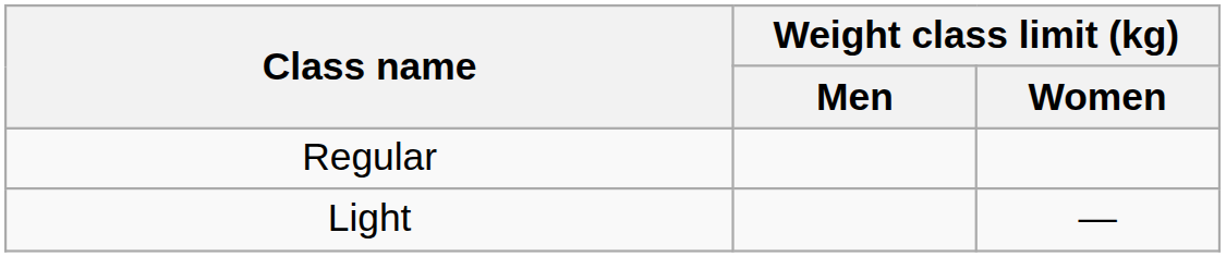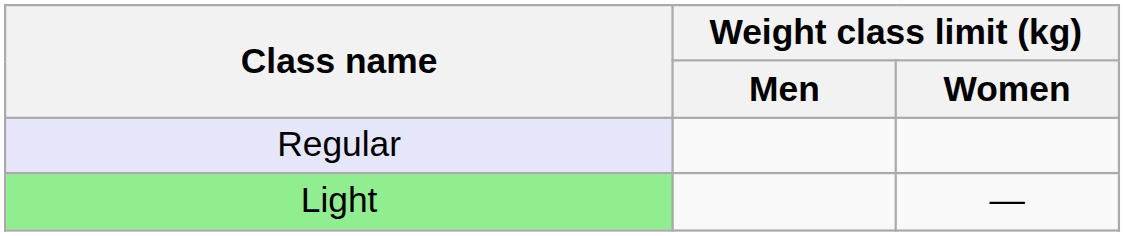 <table class="wikitable" style="text-align: center;">
 <tr>
 <th rowspan="2">Class name</th>
 <th colspan="4">Weight class limit (kg)</th>
 </tr>
 <tr>
 <th style="width:20%">Men</th>
 <th style="width:20%">Women</th>
 </tr>
 <tr>
-<td>Regular</td>
+<td style="background: lavender;">Regular</td>
 <td></td>
 <td></td>
 </tr>
 <tr>
-<td>Light</td>
+<td style="background: lightgreen;">Light</td>
 <td></td>
 <td>—</td>
 </tr>
 </table>
